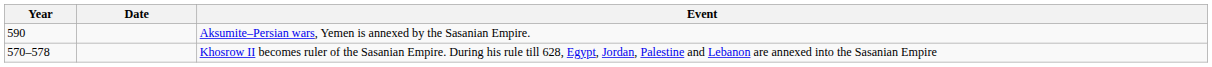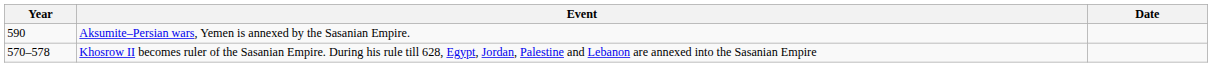 <table class="wikitable" width="100%">
 <tr>
 <th style="width:6%">Year</th>
+<th>Event</th>
 <th style="width:10%">Date</th>
-<th>Event</th>
 </tr>
 <tr>
 <td>590</td>
+<td><a href='#'>Aksumite–Persian wars</a>, Yemen is annexed by the Sasanian Empire.</td>
 <td></td>
-<td><a href='#'>Aksumite–Persian wars</a>, Yemen is annexed by the Sasanian Empire.</td>
 </tr>
 <tr>
 <td>570–578</td>
+<td><a href='#'>Khosrow II</a> becomes ruler of the Sasanian Empire. During his rule till 628, <a href='#'>Egypt</a>, <a href='#'>Jordan</a>, <a href='#'>Palestine</a> and <a href='#'>Lebanon</a> are annexed into the Sasanian Empire</td>
 <td></td>
-<td><a href='#'>Khosrow II</a> becomes ruler of the Sasanian Empire. During his rule till 628, <a href='#'>Egypt</a>, <a href='#'>Jordan</a>, <a href='#'>Palestine</a> and <a href='#'>Lebanon</a> are annexed into the Sasanian Empire</td>
 </tr>
 </table>
